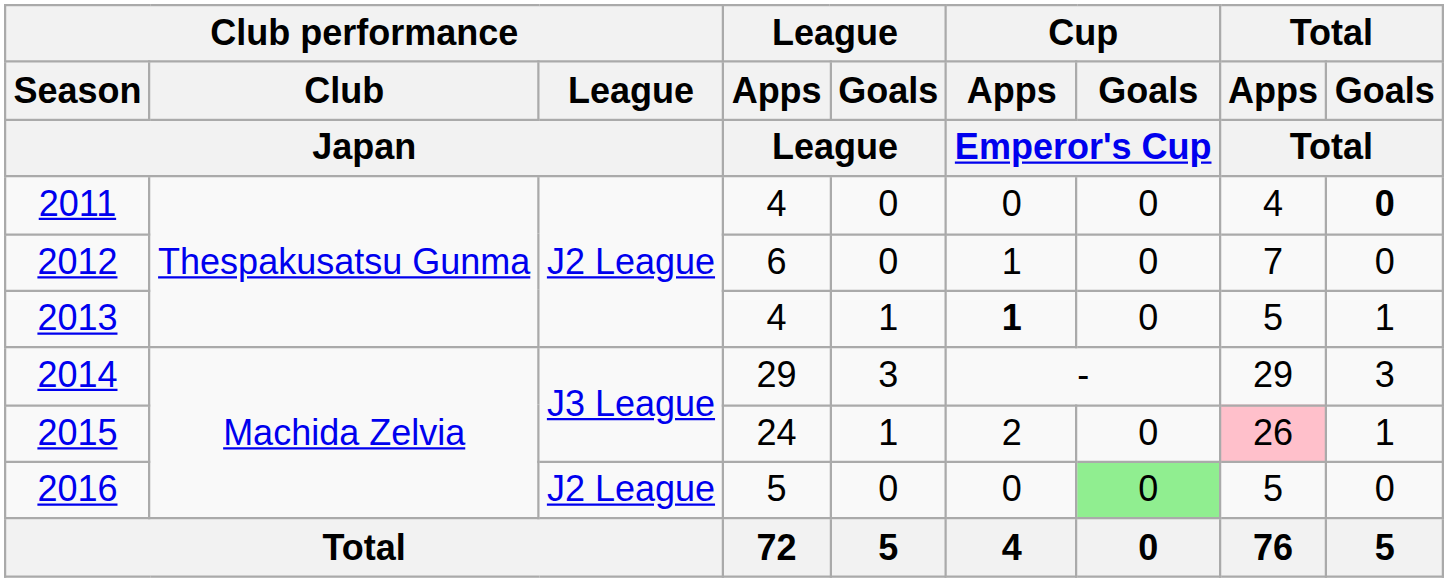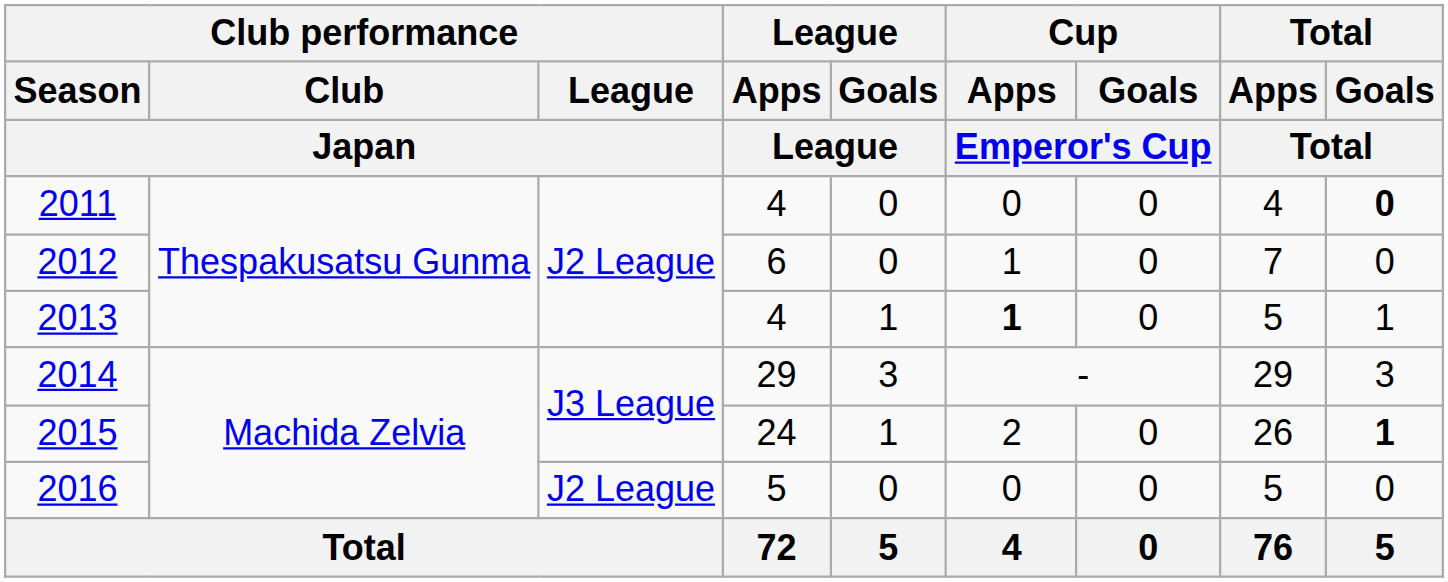 <table class="wikitable" style="text-align:center;">
 <tr>
 <th colspan=3>Club performance</th>
 <th colspan=2>League</th>
 <th colspan=2>Cup</th>
 <th colspan=2>Total</th>
 </tr>
 <tr>
 <th>Season</th>
 <th>Club</th>
 <th>League</th>
 <th>Apps</th>
 <th>Goals</th>
 <th>Apps</th>
 <th>Goals</th>
 <th>Apps</th>
 <th>Goals</th>
 </tr>
 <tr>
 <th colspan=3>Japan</th>
 <th colspan=2>League</th>
 <th colspan=2><a href='#'>Emperor's Cup</a></th>
 <th colspan=2>Total</th>
 </tr>
 <tr>
 <td><a href='#'>2011</a></td>
 <td rowspan="3"><a href='#'>Thespakusatsu Gunma</a></td>
 <td rowspan="3"><a href='#'>J2 League</a></td>
 <td>4</td>
 <td>0</td>
 <td>0</td>
 <td>0</td>
 <td>4</td>
 <td><strong>0</strong></td>
 </tr>
 <tr>
 <td><a href='#'>2012</a></td>
 <td>6</td>
 <td>0</td>
 <td>1</td>
 <td>0</td>
 <td>7</td>
 <td>0</td>
 </tr>
 <tr>
 <td><a href='#'>2013</a></td>
 <td>4</td>
 <td>1</td>
 <td><strong>1</strong></td>
 <td>0</td>
 <td>5</td>
 <td>1</td>
 </tr>
 <tr>
 <td><a href='#'>2014</a></td>
 <td rowspan="3"><a href='#'>Machida Zelvia</a></td>
 <td rowspan="2"><a href='#'>J3 League</a></td>
 <td>29</td>
 <td>3</td>
 <td colspan="2">-</td>
 <td>29</td>
 <td>3</td>
 </tr>
 <tr>
 <td><a href='#'>2015</a></td>
 <td>24</td>
 <td>1</td>
 <td>2</td>
 <td>0</td>
-<td style="background: pink;">26</td>
-<td>1</td>
+<td>26</td>
+<td><strong>1</strong></td>
 </tr>
 <tr>
 <td><a href='#'>2016</a></td>
 <td rowspan="1"><a href='#'>J2 League</a></td>
 <td>5</td>
 <td>0</td>
 <td>0</td>
-<td style="background: lightgreen;">0</td>
+<td>0</td>
 <td>5</td>
 <td>0</td>
 </tr>
 <tr>
 <th colspan=3>Total</th>
 <th>72</th>
 <th>5</th>
 <th>4</th>
 <th>0</th>
 <th>76</th>
 <th>5</th>
 </tr>
 </table>
